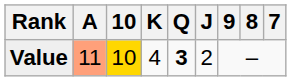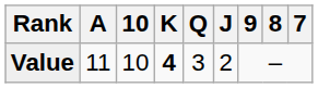 <table class="wikitable" align="right">
 <tr>
 <th>Rank</th>
 <th>A</th>
 <th>10</th>
 <th>K</th>
 <th>Q</th>
 <th>J</th>
 <th>9</th>
 <th>8</th>
 <th>7</th>
 </tr>
 <tr align="center">
 <td style="background:#efefef;"><strong>Value</strong></td>
-<td style="background: lightsalmon;">11</td>
-<td style="background: gold;">10</td>
-<td>4</td>
-<td><strong>3</strong></td>
+<td>11</td>
+<td>10</td>
+<td><strong>4</strong></td>
+<td>3</td>
 <td>2</td>
 <td colspan=8>–</td>
 </tr>
 </table>
